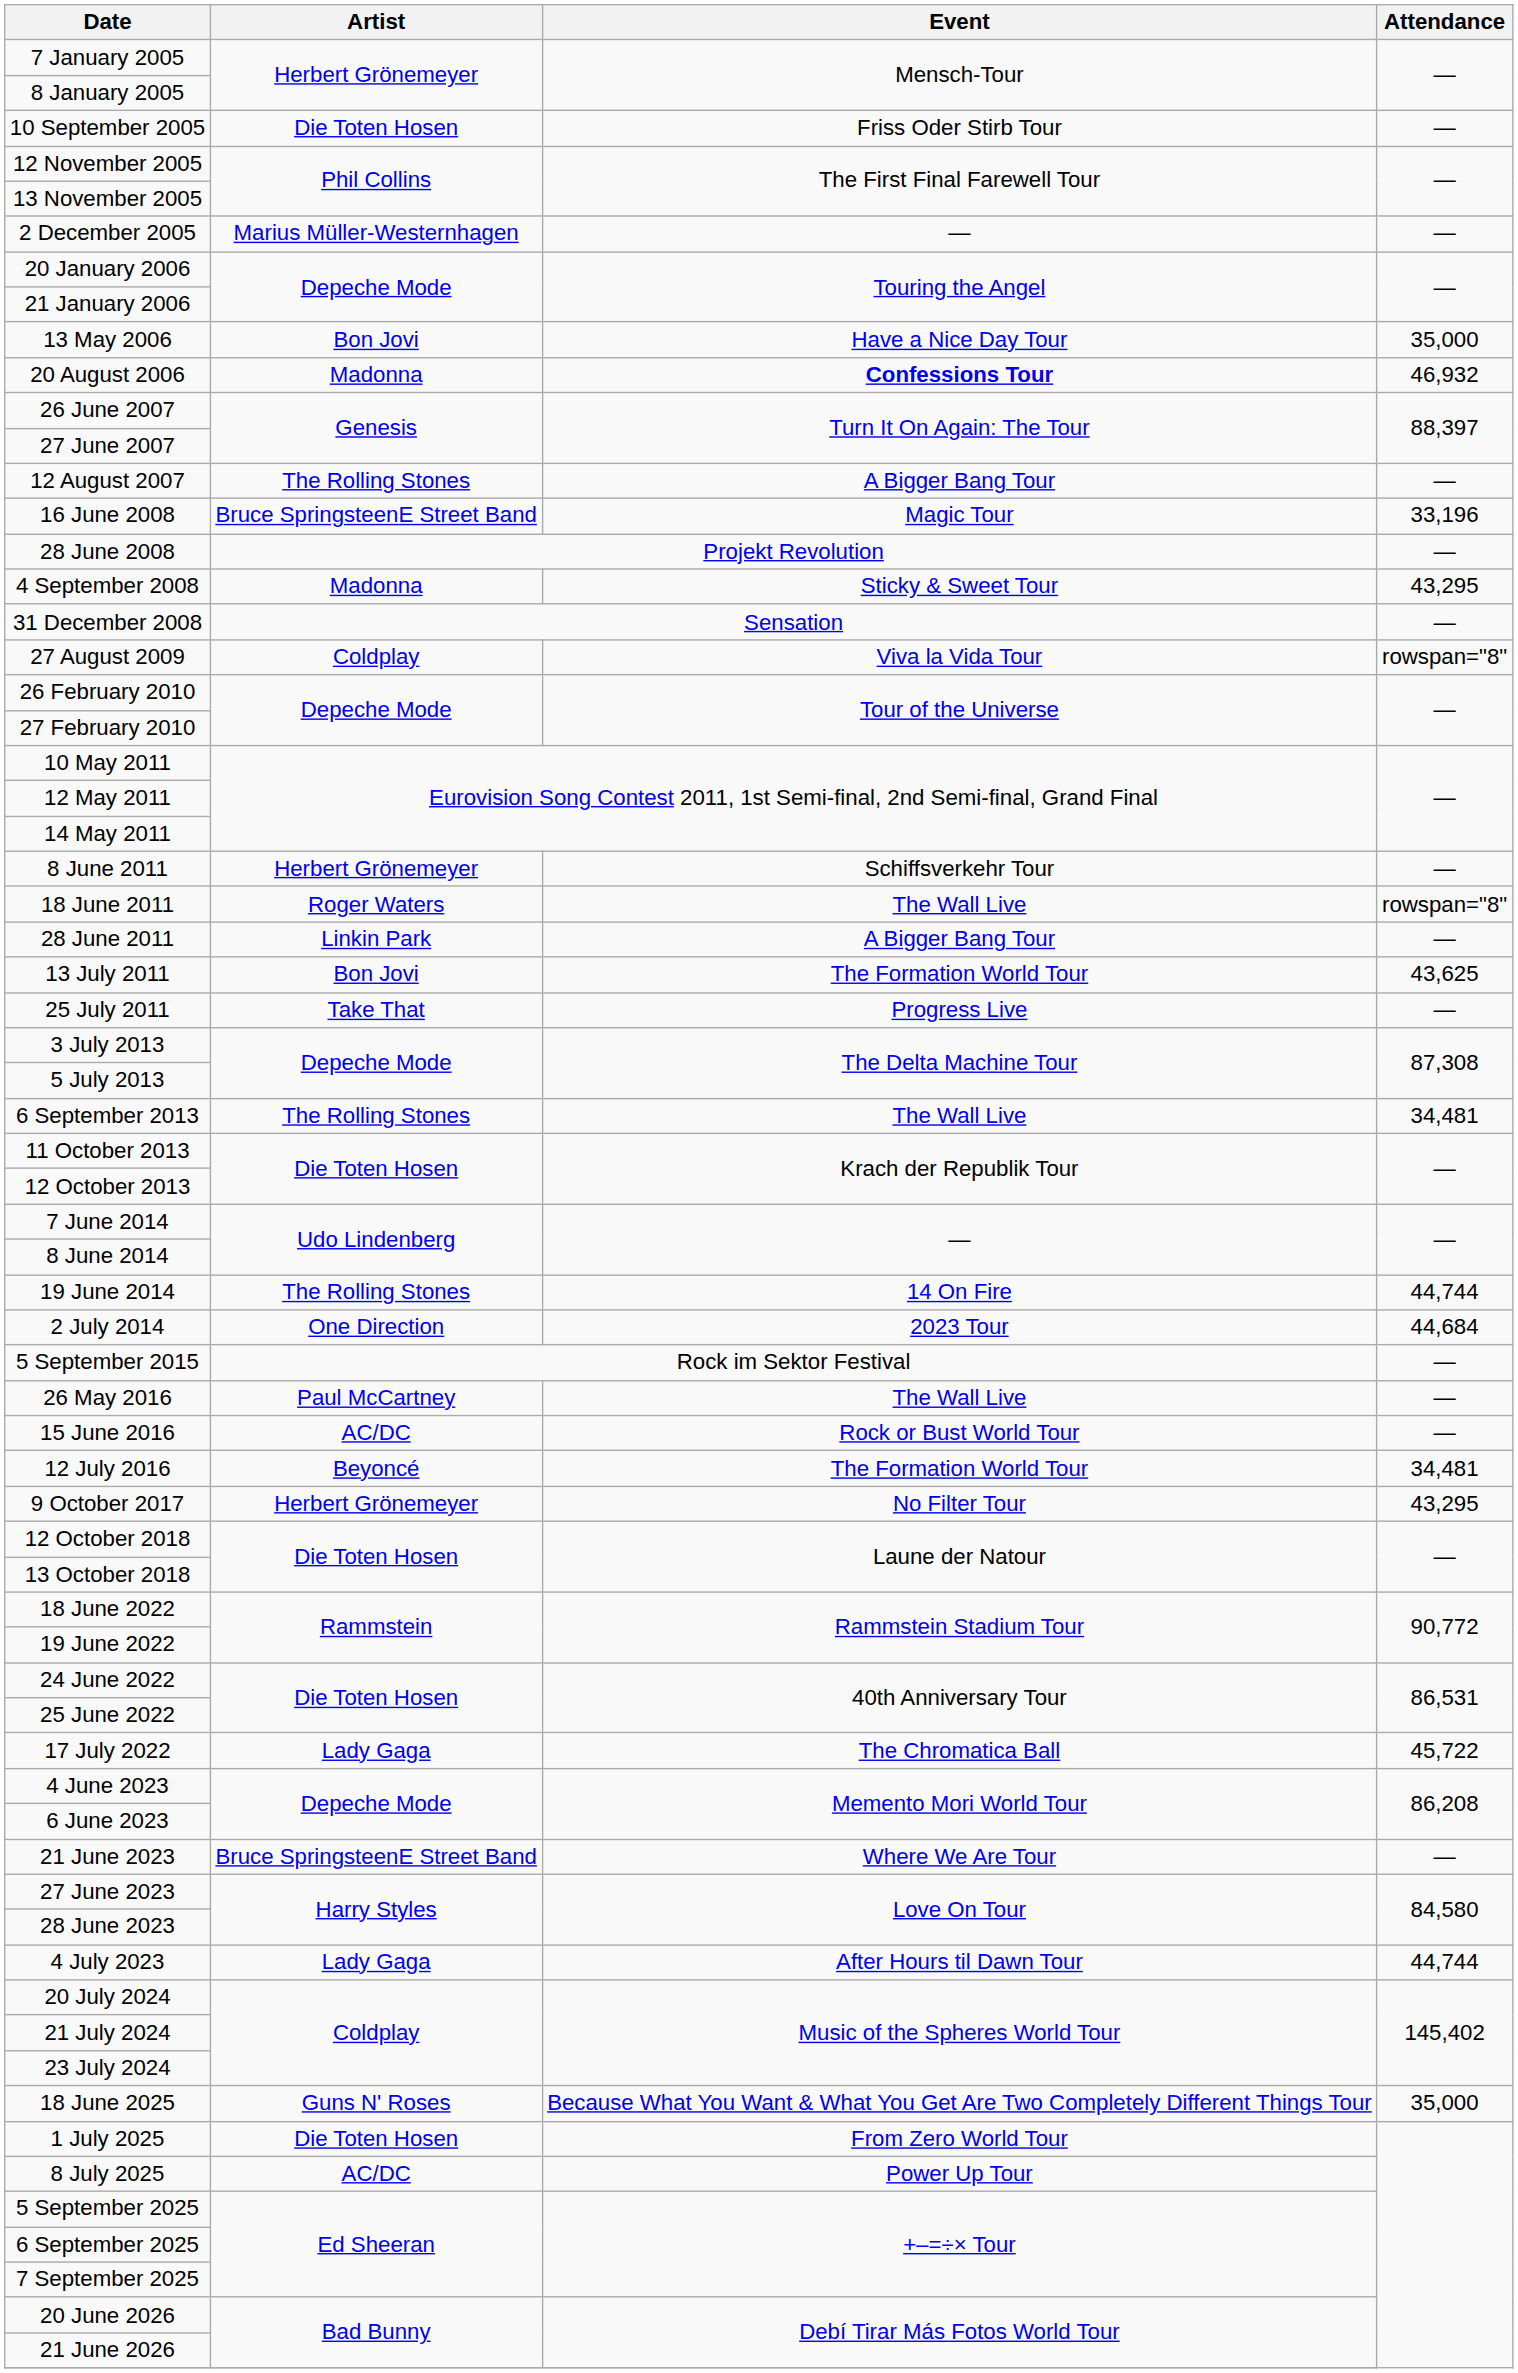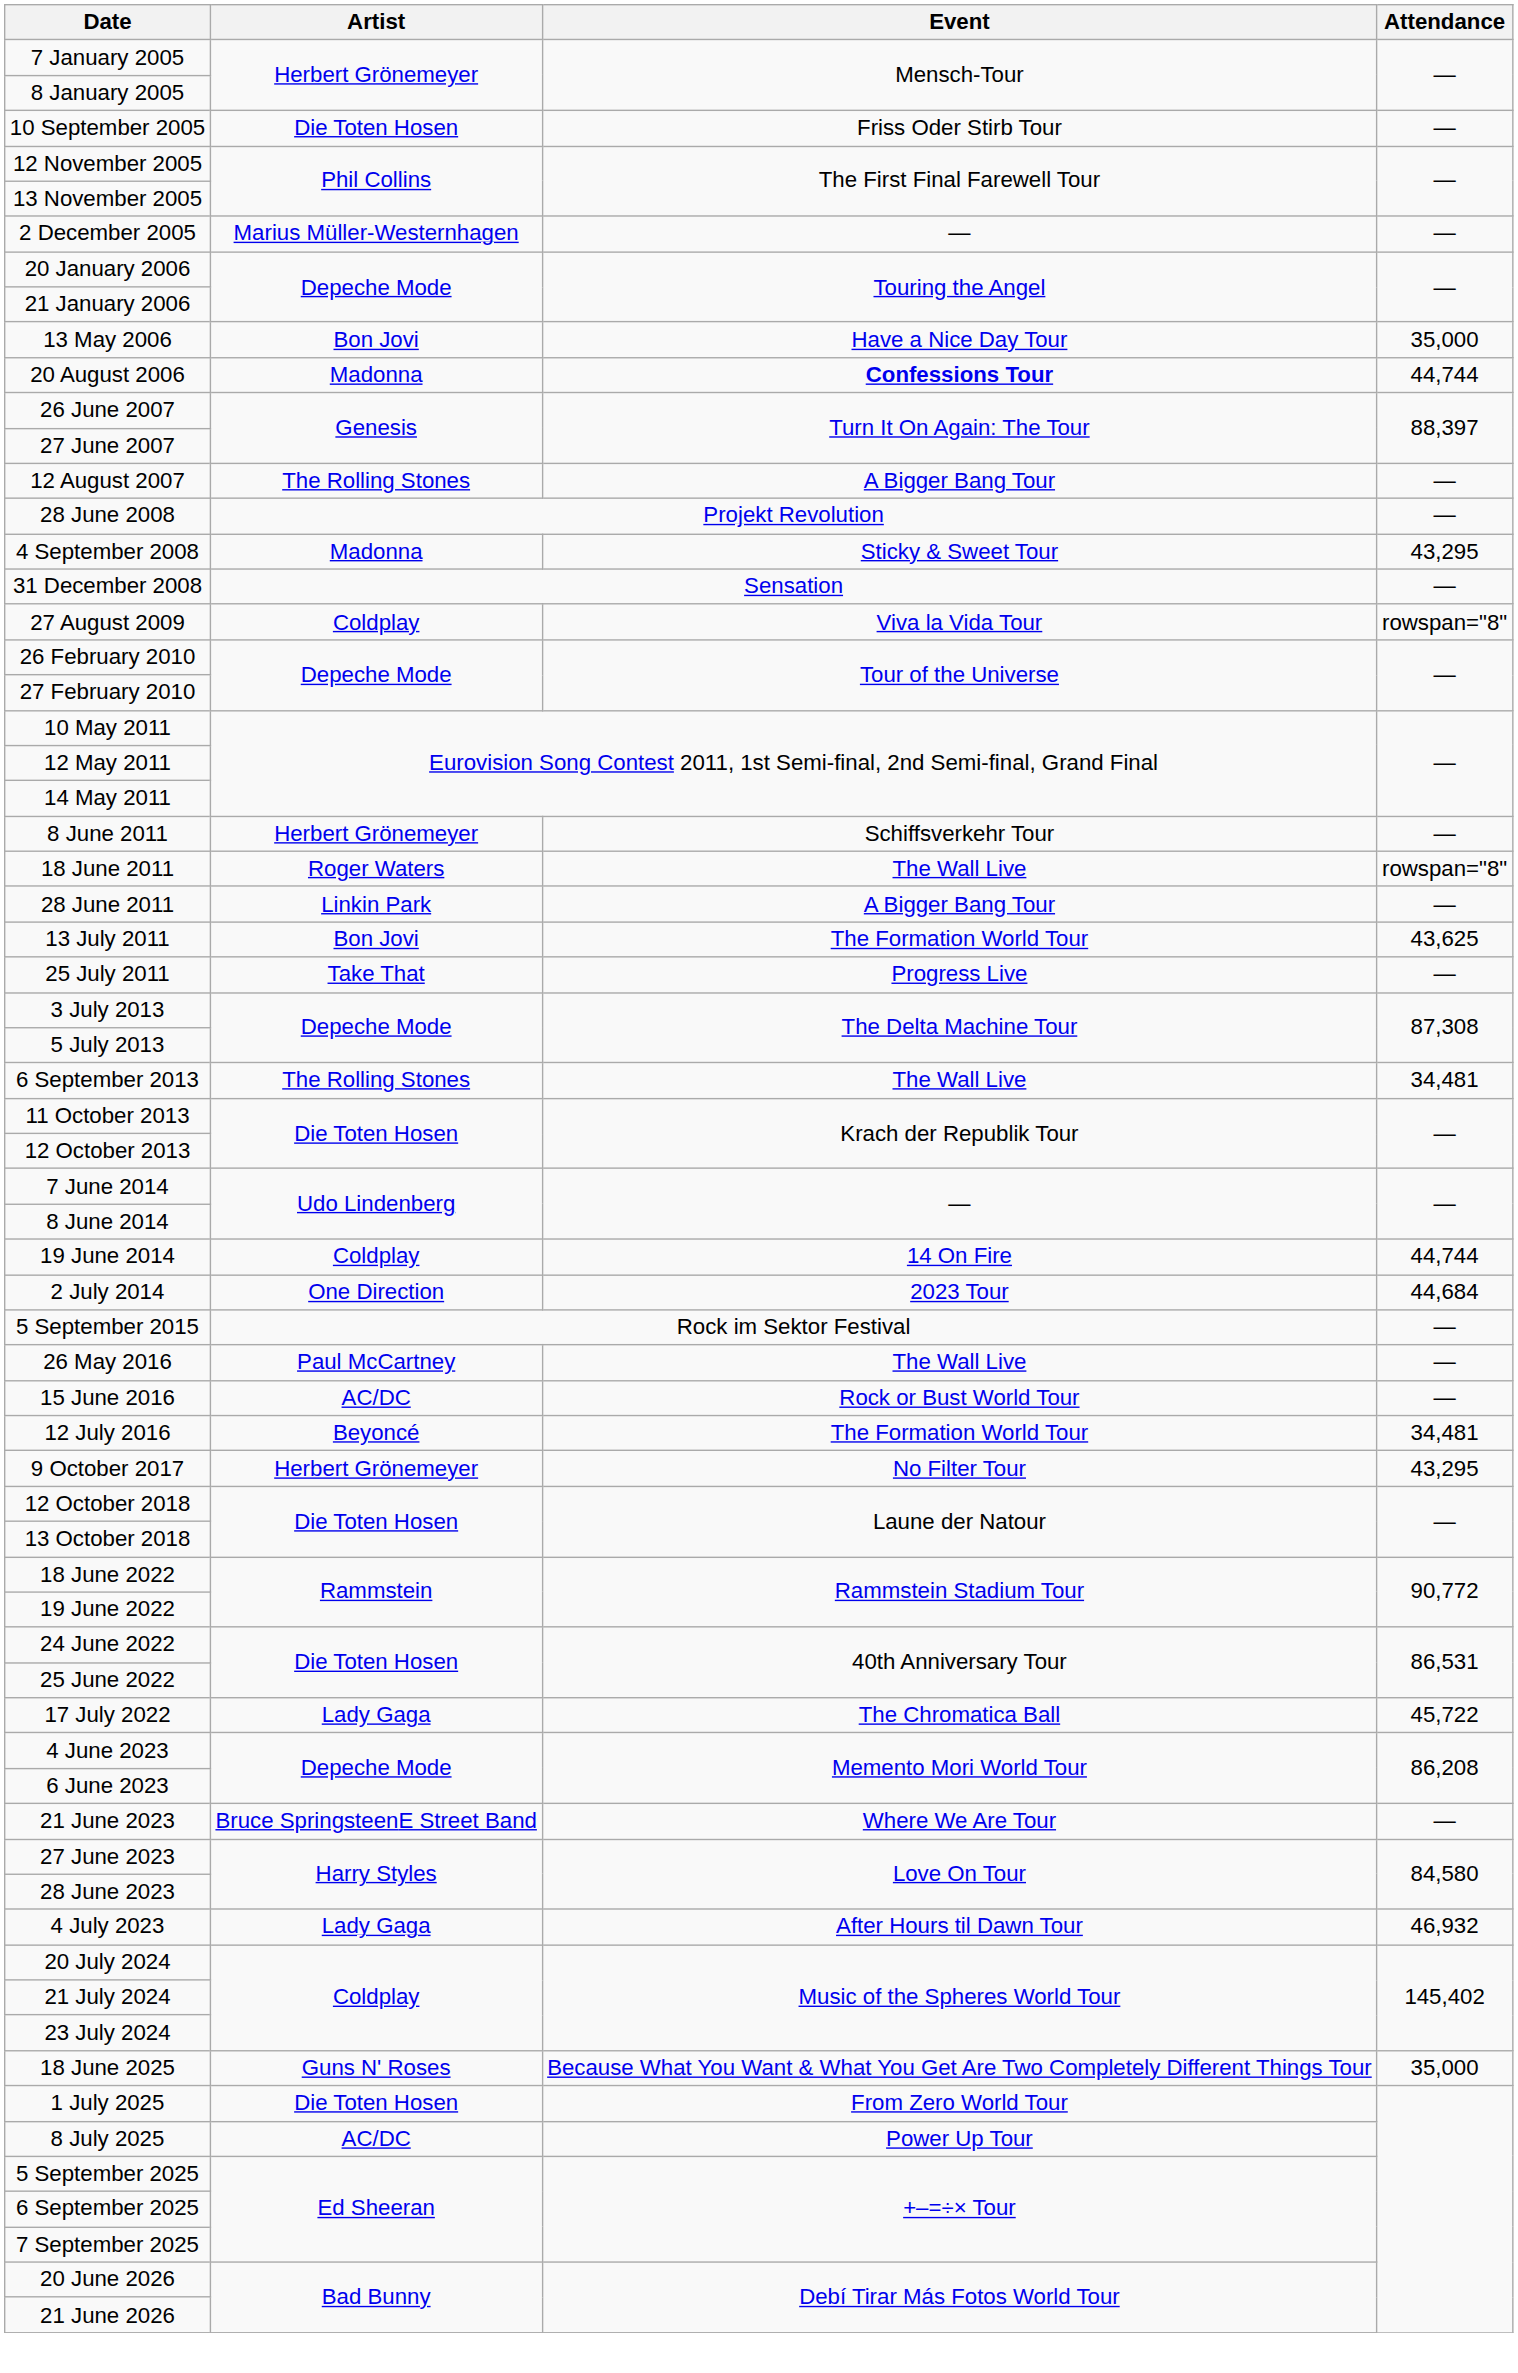 <table class="wikitable sortable" style="text-align:center;">
 <tr>
 <th>Date</th>
 <th>Artist</th>
 <th>Event</th>
 <th>Attendance</th>
 </tr>
 <tr>
 <td>7 January 2005</td>
 <td rowspan="2"><a href='#'>Herbert Grönemeyer</a></td>
 <td rowspan="2">Mensch-Tour</td>
 <td rowspan="2">—</td>
 </tr>
 <tr>
 <td>8 January 2005</td>
 </tr>
 <tr>
 <td>10 September 2005</td>
 <td><a href='#'>Die Toten Hosen</a></td>
 <td>Friss Oder Stirb Tour</td>
 <td>—</td>
 </tr>
 <tr>
 <td>12 November 2005</td>
 <td rowspan="2"><a href='#'>Phil Collins</a></td>
 <td rowspan="2">The First Final Farewell Tour</td>
 <td rowspan="2">—</td>
 </tr>
 <tr>
 <td>13 November 2005</td>
 </tr>
 <tr>
 <td>2 December 2005</td>
 <td><a href='#'>Marius Müller-Westernhagen</a></td>
 <td>—</td>
 <td>—</td>
 </tr>
 <tr>
 <td>20 January 2006</td>
 <td rowspan="2"><a href='#'>Depeche Mode</a></td>
 <td rowspan="2"><a href='#'>Touring the Angel</a></td>
 <td rowspan="2">—</td>
 </tr>
 <tr>
 <td>21 January 2006</td>
 </tr>
 <tr>
 <td>13 May 2006</td>
 <td><a href='#'>Bon Jovi</a></td>
 <td><a href='#'>Have a Nice Day Tour</a></td>
 <td>35,000</td>
 </tr>
 <tr>
 <td>20 August 2006</td>
 <td><a href='#'>Madonna</a></td>
 <td><strong><a href='#'>Confessions Tour</a></strong></td>
-<td>46,932</td>
+<td>44,744</td>
 </tr>
 <tr>
 <td>26 June 2007</td>
 <td rowspan="2"><a href='#'>Genesis</a></td>
 <td rowspan="2"><a href='#'>Turn It On Again: The Tour</a></td>
 <td rowspan="2">88,397</td>
 </tr>
 <tr>
 <td>27 June 2007</td>
 </tr>
 <tr>
 <td>12 August 2007</td>
 <td><a href='#'>The Rolling Stones</a></td>
 <td><a href='#'>A Bigger Bang Tour</a></td>
 <td>—</td>
-</tr>
-<tr>
-<td>16 June 2008</td>
-<td><a href='#'>Bruce Springsteen</a><a href='#'>E Street Band</a></td>
-<td><a href='#'>Magic Tour</a></td>
-<td>33,196</td>
 </tr>
 <tr>
 <td>28 June 2008</td>
 <td colspan="2"><a href='#'>Projekt Revolution</a></td>
 <td>—</td>
 </tr>
 <tr>
 <td>4 September 2008</td>
 <td><a href='#'>Madonna</a></td>
 <td><a href='#'>Sticky & Sweet Tour</a></td>
 <td>43,295</td>
 </tr>
 <tr>
 <td>31 December 2008</td>
 <td colspan="2"><a href='#'>Sensation</a></td>
 <td>—</td>
 </tr>
 <tr>
 <td>27 August 2009</td>
 <td><a href='#'>Coldplay</a></td>
 <td><a href='#'>Viva la Vida Tour</a></td>
 <td>rowspan="8"</td>
 </tr>
 <tr>
 <td>26 February 2010</td>
 <td rowspan="2"><a href='#'>Depeche Mode</a></td>
 <td rowspan="2"><a href='#'>Tour of the Universe</a></td>
 <td rowspan="2">—</td>
 </tr>
 <tr>
 <td>27 February 2010</td>
 </tr>
 <tr>
 <td>10 May 2011</td>
 <td colspan="2" rowspan="3"><a href='#'>Eurovision Song Contest</a> 2011, 1st Semi-final, 2nd Semi-final, Grand Final</td>
 <td rowspan="3">—</td>
 </tr>
 <tr>
 <td>12 May 2011</td>
 </tr>
 <tr>
 <td>14 May 2011</td>
 </tr>
 <tr>
 <td>8 June 2011</td>
 <td><a href='#'>Herbert Grönemeyer</a></td>
 <td>Schiffsverkehr Tour</td>
 <td>—</td>
 </tr>
 <tr>
 <td>18 June 2011</td>
 <td><a href='#'>Roger Waters</a></td>
 <td><a href='#'>The Wall Live</a></td>
 <td>rowspan="8"</td>
 </tr>
 <tr>
 <td>28 June 2011</td>
 <td><a href='#'>Linkin Park</a></td>
 <td><a href='#'>A Bigger Bang Tour</a></td>
 <td>—</td>
 </tr>
 <tr>
 <td>13 July 2011</td>
 <td><a href='#'>Bon Jovi</a></td>
 <td><a href='#'>The Formation World Tour</a></td>
 <td>43,625</td>
 </tr>
 <tr>
 <td>25 July 2011</td>
 <td><a href='#'>Take That</a></td>
 <td><a href='#'>Progress Live</a></td>
 <td>—</td>
 </tr>
 <tr>
 <td>3 July 2013</td>
 <td rowspan="2"><a href='#'>Depeche Mode</a></td>
 <td rowspan="2"><a href='#'>The Delta Machine Tour</a></td>
 <td rowspan="2">87,308</td>
 </tr>
 <tr>
 <td>5 July 2013</td>
 </tr>
 <tr>
 <td>6 September 2013</td>
 <td><a href='#'>The Rolling Stones</a></td>
 <td><a href='#'>The Wall Live</a></td>
 <td>34,481</td>
 </tr>
 <tr>
 <td>11 October 2013</td>
 <td rowspan="2"><a href='#'>Die Toten Hosen</a></td>
 <td rowspan="2">Krach der Republik Tour</td>
 <td rowspan="2">—</td>
 </tr>
 <tr>
 <td>12 October 2013</td>
 </tr>
 <tr>
 <td>7 June 2014</td>
 <td rowspan="2"><a href='#'>Udo Lindenberg</a></td>
 <td rowspan="2">—</td>
 <td rowspan="2">—</td>
 </tr>
 <tr>
 <td>8 June 2014</td>
 </tr>
 <tr>
 <td>19 June 2014</td>
-<td><a href='#'>The Rolling Stones</a></td>
+<td><a href='#'>Coldplay</a></td>
 <td><a href='#'>14 On Fire</a></td>
 <td>44,744</td>
 </tr>
 <tr>
 <td>2 July 2014</td>
 <td><a href='#'>One Direction</a></td>
 <td><a href='#'>2023 Tour</a></td>
 <td>44,684</td>
 </tr>
 <tr>
 <td>5 September 2015</td>
 <td colspan="2">Rock im Sektor Festival</td>
 <td>—</td>
 </tr>
 <tr>
 <td>26 May 2016</td>
 <td><a href='#'>Paul McCartney</a></td>
 <td><a href='#'>The Wall Live</a></td>
 <td>—</td>
 </tr>
 <tr>
 <td>15 June 2016</td>
 <td><a href='#'>AC/DC</a></td>
 <td><a href='#'>Rock or Bust World Tour</a></td>
 <td>—</td>
 </tr>
 <tr>
 <td>12 July 2016</td>
 <td><a href='#'>Beyoncé</a></td>
 <td><a href='#'>The Formation World Tour</a></td>
 <td>34,481</td>
 </tr>
 <tr>
 <td>9 October 2017</td>
 <td><a href='#'>Herbert Grönemeyer</a></td>
 <td><a href='#'>No Filter Tour</a></td>
 <td>43,295</td>
 </tr>
 <tr>
 <td>12 October 2018</td>
 <td rowspan="2"><a href='#'>Die Toten Hosen</a></td>
 <td rowspan="2">Laune der Natour</td>
 <td rowspan="2">—</td>
 </tr>
 <tr>
 <td>13 October 2018</td>
 </tr>
 <tr>
 <td>18 June 2022</td>
 <td rowspan="2"><a href='#'>Rammstein</a></td>
 <td rowspan="2"><a href='#'>Rammstein Stadium Tour</a></td>
 <td rowspan="2">90,772</td>
 </tr>
 <tr>
 <td>19 June 2022</td>
 </tr>
 <tr>
 <td>24 June 2022</td>
 <td rowspan="2"><a href='#'>Die Toten Hosen</a></td>
 <td rowspan="2">40th Anniversary Tour</td>
 <td rowspan="2">86,531</td>
 </tr>
 <tr>
 <td>25 June 2022</td>
 </tr>
 <tr>
 <td>17 July 2022</td>
 <td><a href='#'>Lady Gaga</a></td>
 <td><a href='#'>The Chromatica Ball</a></td>
 <td>45,722</td>
 </tr>
 <tr>
 <td>4 June 2023</td>
 <td rowspan="2"><a href='#'>Depeche Mode</a></td>
 <td rowspan="2"><a href='#'>Memento Mori World Tour</a></td>
 <td rowspan="2">86,208</td>
 </tr>
 <tr>
 <td>6 June 2023</td>
 </tr>
 <tr>
 <td>21 June 2023</td>
 <td><a href='#'>Bruce Springsteen</a><a href='#'>E Street Band</a></td>
 <td><a href='#'>Where We Are Tour</a></td>
 <td>—</td>
 </tr>
 <tr>
 <td>27 June 2023</td>
 <td rowspan="2"><a href='#'>Harry Styles</a></td>
 <td rowspan="2"><a href='#'>Love On Tour</a></td>
 <td rowspan="2">84,580</td>
 </tr>
 <tr>
 <td>28 June 2023</td>
 </tr>
 <tr>
 <td>4 July 2023</td>
 <td><a href='#'>Lady Gaga</a></td>
 <td><a href='#'>After Hours til Dawn Tour</a></td>
-<td>44,744</td>
+<td>46,932</td>
 </tr>
 <tr>
 <td>20 July 2024</td>
 <td rowspan="3"><a href='#'>Coldplay</a></td>
 <td rowspan="3"><a href='#'>Music of the Spheres World Tour</a></td>
 <td rowspan="3">145,402</td>
 </tr>
 <tr>
 <td>21 July 2024</td>
 </tr>
 <tr>
 <td>23 July 2024</td>
 </tr>
 <tr>
 <td>18 June 2025</td>
 <td><a href='#'>Guns N' Roses</a></td>
 <td><a href='#'>Because What You Want & What You Get Are Two Completely Different Things Tour</a></td>
 <td>35,000</td>
 </tr>
 <tr>
 <td>1 July 2025</td>
 <td><a href='#'>Die Toten Hosen</a></td>
 <td><a href='#'>From Zero World Tour</a></td>
 </tr>
 <tr>
 <td>8 July 2025</td>
 <td><a href='#'>AC/DC</a></td>
 <td><a href='#'>Power Up Tour</a></td>
 </tr>
 <tr>
 <td>5 September 2025</td>
 <td rowspan="3"><a href='#'>Ed Sheeran</a></td>
 <td rowspan="3"><a href='#'>+–=÷× Tour</a></td>
 </tr>
 <tr>
 <td>6 September 2025</td>
 </tr>
 <tr>
 <td>7 September 2025</td>
 </tr>
 <tr>
 <td>20 June 2026</td>
 <td rowspan="2"><a href='#'>Bad Bunny</a></td>
 <td rowspan="2"><a href='#'>Debí Tirar Más Fotos World Tour</a></td>
 </tr>
 <tr>
 <td>21 June 2026</td>
 </tr>
 <tr>
 </tr>
 </table>
